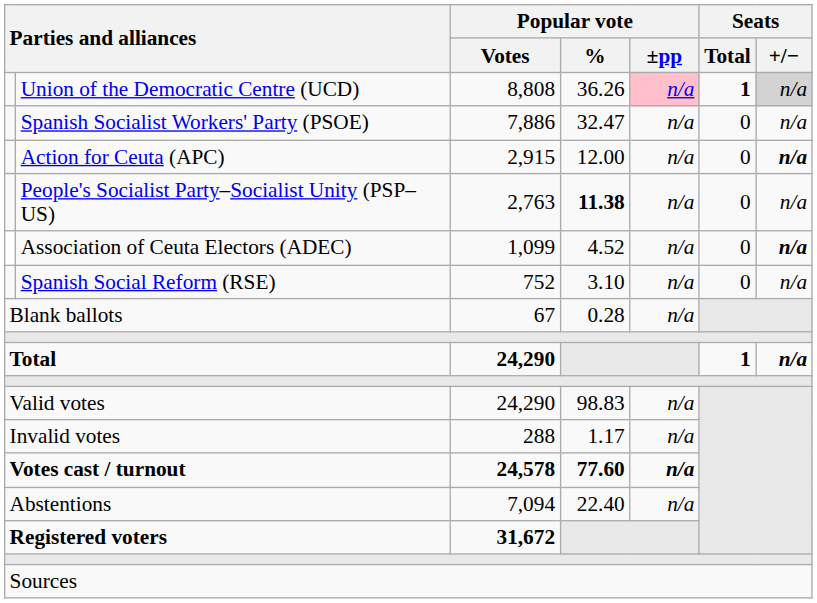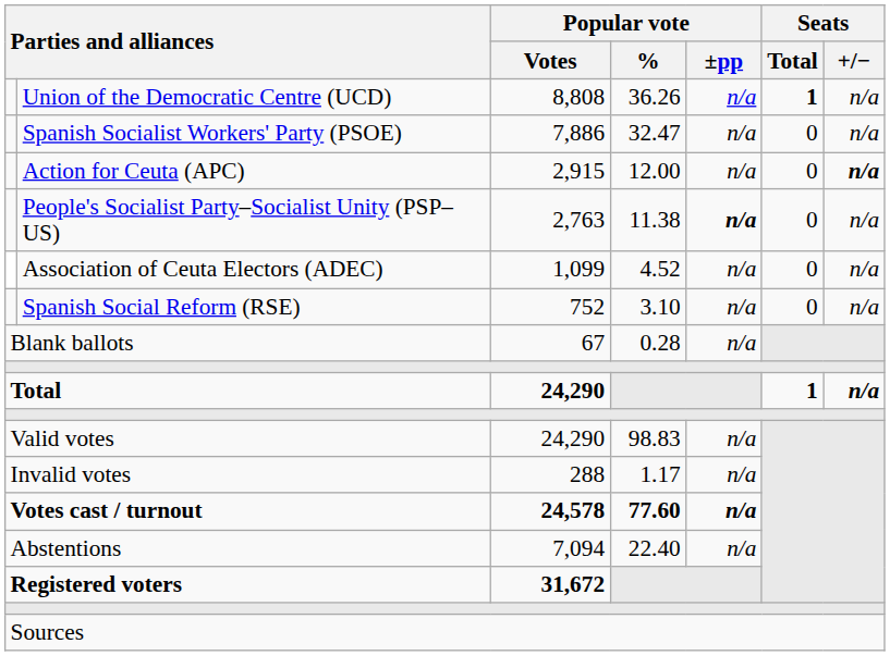 <table class="wikitable" style="text-align:right;">
 <tr>
 <th style="text-align:left;" rowspan="2" colspan="2" width="525">Parties and alliances</th>
 <th colspan="3">Popular vote</th>
 <th colspan="2">Seats</th>
 </tr>
 <tr>
 <th width="75">Votes</th>
 <th width="45">%</th>
 <th width="45">±<a href='#'>pp</a></th>
 <th width="35">Total</th>
 <th width="35">+/−</th>
 </tr>
 <tr>
 <td width="1" style="color:inherit;background:"></td>
 <td align="left"><a href='#'>Union of the Democratic Centre</a> (UCD)</td>
 <td>8,808</td>
 <td>36.26</td>
-<td style="background: pink;"><em><a href='#'>n/a</a></em></td>
+<td><em><a href='#'>n/a</a></em></td>
 <td><strong>1</strong></td>
-<td style="background: lightgrey;"><em>n/a</em></td>
+<td><em>n/a</em></td>
 </tr>
 <tr>
 <td style="color:inherit;background:"></td>
 <td align="left"><a href='#'>Spanish Socialist Workers' Party</a> (PSOE)</td>
 <td>7,886</td>
 <td>32.47</td>
 <td><em>n/a</em></td>
 <td>0</td>
 <td><em>n/a</em></td>
 </tr>
 <tr>
 <td style="color:inherit;background:"></td>
 <td align="left"><a href='#'>Action for Ceuta</a> (APC)</td>
 <td>2,915</td>
 <td>12.00</td>
 <td><em>n/a</em></td>
 <td>0</td>
 <td><strong><em>n/a</em></strong></td>
 </tr>
 <tr>
 <td style="color:inherit;background:"></td>
 <td align="left"><a href='#'>People's Socialist Party</a>–<a href='#'>Socialist Unity</a> (PSP–US)</td>
 <td>2,763</td>
-<td><strong>11.38</strong></td>
-<td><em>n/a</em></td>
+<td>11.38</td>
+<td><strong><em>n/a</em></strong></td>
 <td>0</td>
 <td><em>n/a</em></td>
 </tr>
 <tr>
 <td bgcolor="white"></td>
 <td align="left">Association of Ceuta Electors (ADEC)</td>
 <td>1,099</td>
 <td>4.52</td>
 <td><em>n/a</em></td>
 <td>0</td>
-<td><strong><em>n/a</em></strong></td>
+<td><em>n/a</em></td>
 </tr>
 <tr>
 <td style="color:inherit;background:"></td>
 <td align="left"><a href='#'>Spanish Social Reform</a> (RSE)</td>
 <td>752</td>
 <td>3.10</td>
 <td><em>n/a</em></td>
 <td>0</td>
 <td><em>n/a</em></td>
 </tr>
 <tr>
 <td align="left" colspan="2">Blank ballots</td>
 <td>67</td>
 <td>0.28</td>
 <td><em>n/a</em></td>
 <td bgcolor="#E9E9E9" colspan="2"></td>
 </tr>
 <tr>
 <td colspan="7" bgcolor="#E9E9E9"></td>
 </tr>
 <tr style="font-weight:bold;">
 <td align="left" colspan="2">Total</td>
 <td>24,290</td>
 <td bgcolor="#E9E9E9" colspan="2"></td>
 <td>1</td>
 <td><em>n/a</em></td>
 </tr>
 <tr>
 <td colspan="7" bgcolor="#E9E9E9"></td>
 </tr>
 <tr>
 <td align="left" colspan="2">Valid votes</td>
 <td>24,290</td>
 <td>98.83</td>
 <td><em>n/a</em></td>
 <td bgcolor="#E9E9E9" colspan="2" rowspan="5"></td>
 </tr>
 <tr>
 <td align="left" colspan="2">Invalid votes</td>
 <td>288</td>
 <td>1.17</td>
 <td><em>n/a</em></td>
 </tr>
 <tr style="font-weight:bold;">
 <td align="left" colspan="2">Votes cast / turnout</td>
 <td>24,578</td>
 <td>77.60</td>
 <td><em>n/a</em></td>
 </tr>
 <tr>
 <td align="left" colspan="2">Abstentions</td>
 <td>7,094</td>
 <td>22.40</td>
 <td><em>n/a</em></td>
 </tr>
 <tr style="font-weight:bold;">
 <td align="left" colspan="2">Registered voters</td>
 <td>31,672</td>
 <td bgcolor="#E9E9E9" colspan="2"></td>
 </tr>
 <tr>
 <td colspan="7" bgcolor="#E9E9E9"></td>
 </tr>
 <tr>
 <td align="left" colspan="7">Sources</td>
 </tr>
 </table>
